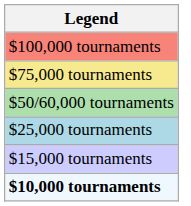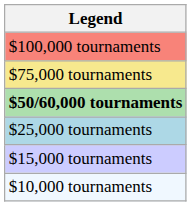 <table class="wikitable" style="font-size:85%">
 <tr>
 <th>Legend</th>
 </tr>
 <tr style="background:#f88379;">
 <td>$100,000 tournaments</td>
 </tr>
 <tr style="background:#f7e98e;">
 <td>$75,000 tournaments</td>
 </tr>
 <tr style="background:#addfad;">
-<td>$50/60,000 tournaments</td>
+<td><strong>$50/60,000 tournaments</strong></td>
 </tr>
 <tr style="background:lightblue;">
 <td>$25,000 tournaments</td>
 </tr>
 <tr style="background:#ccccff;">
 <td>$15,000 tournaments</td>
 </tr>
 <tr style="background:#f0f8ff;">
-<td><strong>$10,000 tournaments</strong></td>
+<td>$10,000 tournaments</td>
 </tr>
 </table>
